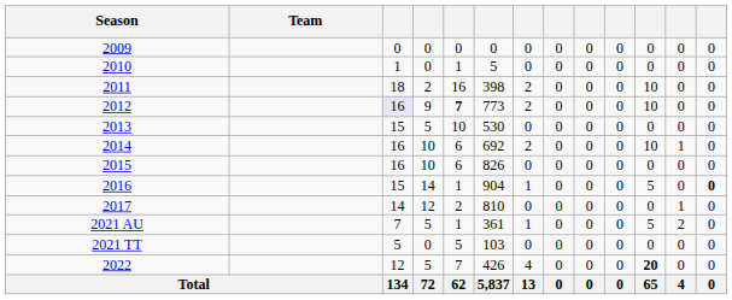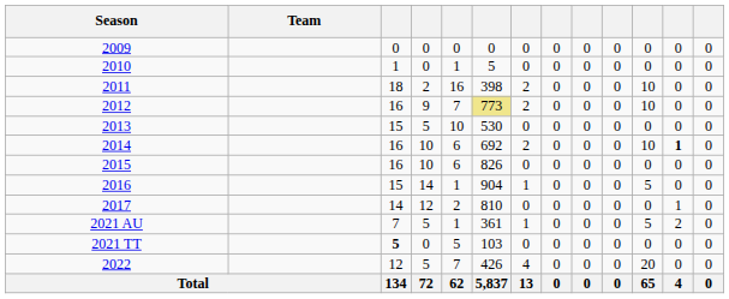 <table class="wikitable" style="text-align:center; line-height:90%; font-size:95%; width:60%;">
 <tr style="line-height:175%;">
 <th>Season</th>
 <th>Team</th>
 <th style="width:25px;"></th>
 <th style="width:25px;"></th>
 <th style="width:25px;"></th>
 <th style="width:25px;"></th>
 <th style="width:25px;"></th>
 <th style="width:25px;"></th>
 <th style="width:25px;"></th>
 <th style="width:25px;"></th>
 <th style="width:25px;"></th>
 <th style="width:25px;"></th>
 <th style="width:25px;"></th>
 </tr>
 <tr>
 <td><a href='#'>2009</a></td>
 <td></td>
 <td>0</td>
 <td>0</td>
 <td>0</td>
 <td>0</td>
 <td>0</td>
 <td>0</td>
 <td>0</td>
 <td>0</td>
 <td>0</td>
 <td>0</td>
 <td>0</td>
 </tr>
 <tr>
 <td><a href='#'>2010</a></td>
 <td></td>
 <td>1</td>
 <td>0</td>
 <td>1</td>
 <td>5</td>
 <td>0</td>
 <td>0</td>
 <td>0</td>
 <td>0</td>
 <td>0</td>
 <td>0</td>
 <td>0</td>
 </tr>
 <tr>
 <td><a href='#'>2011</a></td>
 <td></td>
 <td>18</td>
 <td>2</td>
 <td>16</td>
 <td>398</td>
 <td>2</td>
 <td>0</td>
 <td>0</td>
 <td>0</td>
 <td>10</td>
 <td>0</td>
 <td>0</td>
 </tr>
 <tr>
 <td><a href='#'>2012</a></td>
 <td></td>
-<td style="background: lavender;">16</td>
+<td>16</td>
 <td>9</td>
-<td><strong>7</strong></td>
-<td>773</td>
+<td>7</td>
+<td style="background: khaki;">773</td>
 <td>2</td>
 <td>0</td>
 <td>0</td>
 <td>0</td>
 <td>10</td>
 <td>0</td>
 <td>0</td>
 </tr>
 <tr>
 <td><a href='#'>2013</a></td>
 <td></td>
 <td>15</td>
 <td>5</td>
 <td>10</td>
 <td>530</td>
 <td>0</td>
 <td>0</td>
 <td>0</td>
 <td>0</td>
 <td>0</td>
 <td>0</td>
 <td>0</td>
 </tr>
 <tr>
 <td><a href='#'>2014</a></td>
 <td></td>
 <td>16</td>
 <td>10</td>
 <td>6</td>
 <td>692</td>
 <td>2</td>
 <td>0</td>
 <td>0</td>
 <td>0</td>
 <td>10</td>
-<td>1</td>
+<td><strong>1</strong></td>
 <td>0</td>
 </tr>
 <tr>
 <td><a href='#'>2015</a></td>
 <td></td>
 <td>16</td>
 <td>10</td>
 <td>6</td>
 <td>826</td>
 <td>0</td>
 <td>0</td>
 <td>0</td>
 <td>0</td>
 <td>0</td>
 <td>0</td>
 <td>0</td>
 </tr>
 <tr>
 <td><a href='#'>2016</a></td>
 <td></td>
 <td>15</td>
 <td>14</td>
 <td>1</td>
 <td>904</td>
 <td>1</td>
 <td>0</td>
 <td>0</td>
 <td>0</td>
 <td>5</td>
 <td>0</td>
-<td><strong>0</strong></td>
+<td>0</td>
 </tr>
 <tr>
 <td><a href='#'>2017</a></td>
 <td></td>
 <td>14</td>
 <td>12</td>
 <td>2</td>
 <td>810</td>
 <td>0</td>
 <td>0</td>
 <td>0</td>
 <td>0</td>
 <td>0</td>
 <td>1</td>
 <td>0</td>
 </tr>
 <tr>
 <td><a href='#'>2021 AU</a></td>
 <td></td>
 <td>7</td>
 <td>5</td>
 <td>1</td>
 <td>361</td>
 <td>1</td>
 <td>0</td>
 <td>0</td>
 <td>0</td>
 <td>5</td>
 <td>2</td>
 <td>0</td>
 </tr>
 <tr>
 <td><a href='#'>2021 TT</a></td>
 <td></td>
-<td>5</td>
+<td><strong>5</strong></td>
 <td>0</td>
 <td>5</td>
 <td>103</td>
 <td>0</td>
 <td>0</td>
 <td>0</td>
 <td>0</td>
 <td>0</td>
 <td>0</td>
 <td>0</td>
 </tr>
 <tr>
 <td><a href='#'>2022</a></td>
 <td></td>
 <td>12</td>
 <td>5</td>
 <td>7</td>
 <td>426</td>
 <td>4</td>
 <td>0</td>
 <td>0</td>
 <td>0</td>
-<td><strong>20</strong></td>
+<td>20</td>
 <td>0</td>
 <td>0</td>
 </tr>
 <tr>
 <th colspan="2">Total</th>
 <th>134</th>
 <th>72</th>
 <th>62</th>
 <th>5,837</th>
 <th>13</th>
 <th>0</th>
 <th>0</th>
 <th>0</th>
 <th>65</th>
 <th>4</th>
 <th>0</th>
 </tr>
 </table>
